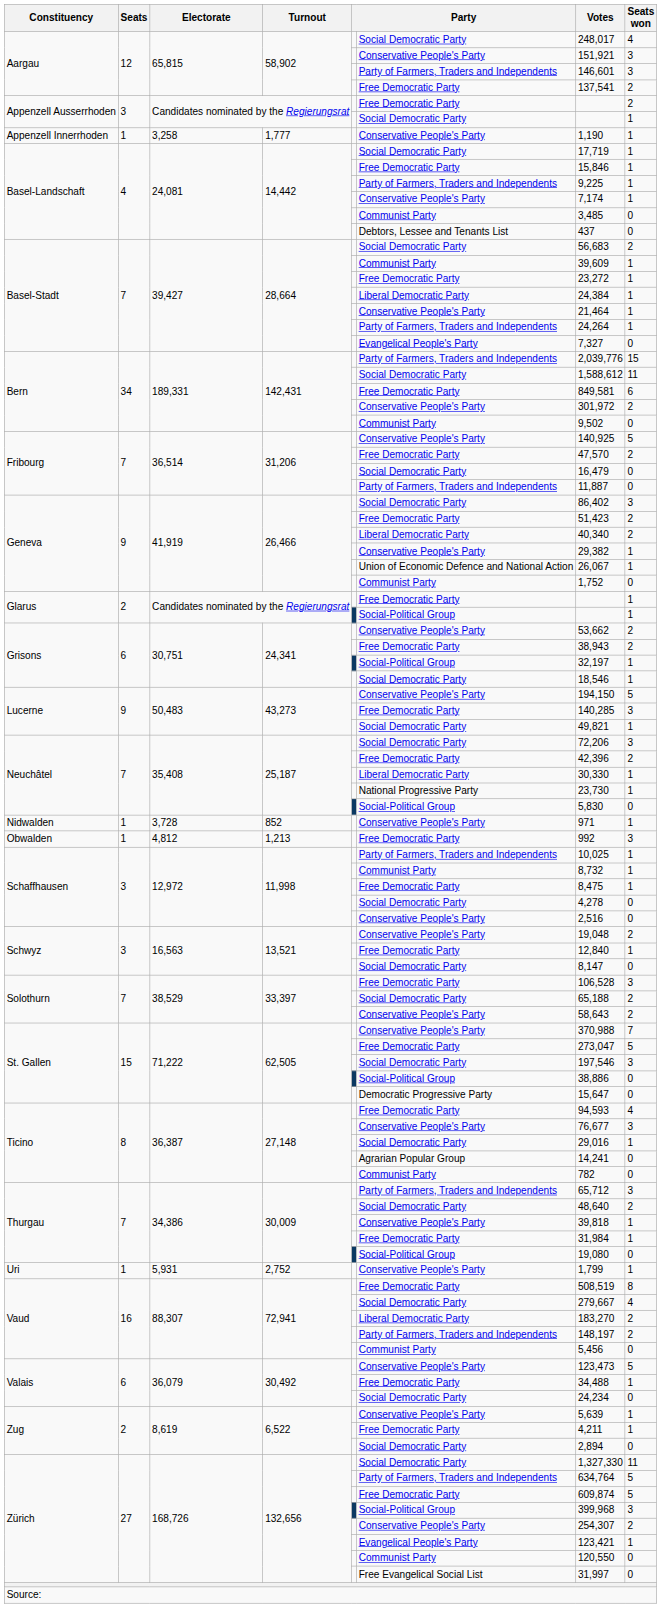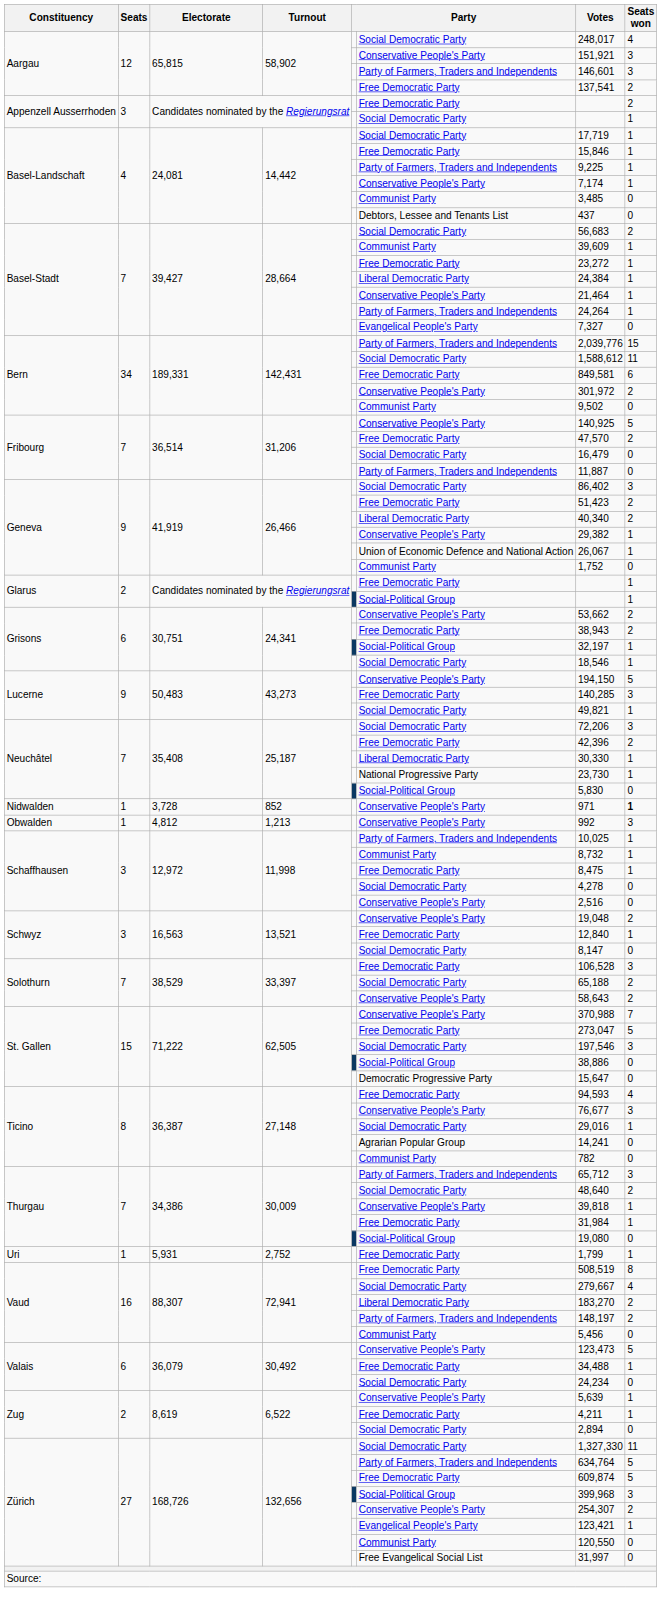 <table class="wikitable">
 <tr>
 <th>Constituency</th>
 <th>Seats</th>
 <th>Electorate</th>
 <th>Turnout</th>
 <th colspan="2">Party</th>
 <th>Votes</th>
 <th>Seats<br>won</th>
 </tr>
 <tr>
 <td rowspan="4">Aargau</td>
 <td rowspan="4">12</td>
 <td rowspan="4">65,815</td>
 <td rowspan="4">58,902</td>
 <td style="color:inherit;background:"></td>
 <td><a href='#'>Social Democratic Party</a></td>
 <td>248,017</td>
 <td>4</td>
 </tr>
 <tr>
 <td style="color:inherit;background:"></td>
 <td><a href='#'>Conservative People's Party</a></td>
 <td>151,921</td>
 <td>3</td>
 </tr>
 <tr>
 <td style="color:inherit;background:"></td>
 <td><a href='#'>Party of Farmers, Traders and Independents</a></td>
 <td>146,601</td>
 <td>3</td>
 </tr>
 <tr>
 <td style="color:inherit;background:"></td>
 <td><a href='#'>Free Democratic Party</a></td>
 <td>137,541</td>
 <td>2</td>
 </tr>
 <tr>
 <td rowspan="2">Appenzell Ausserrhoden</td>
 <td rowspan="2">3</td>
 <td rowspan="2" colspan=2>Candidates nominated by the <em><a href='#'>Regierungsrat</a></em></td>
 <td style="color:inherit;background:"></td>
 <td><a href='#'>Free Democratic Party</a></td>
 <td></td>
 <td>2</td>
 </tr>
 <tr>
 <td style="color:inherit;background:"></td>
 <td><a href='#'>Social Democratic Party</a></td>
 <td></td>
-<td>1</td>
-</tr>
-<tr>
-<td>Appenzell Innerrhoden</td>
-<td>1</td>
-<td>3,258</td>
-<td>1,777</td>
-<td style="color:inherit;background:"></td>
-<td><a href='#'>Conservative People's Party</a></td>
-<td>1,190</td>
 <td>1</td>
 </tr>
 <tr>
 <td rowspan="6">Basel-Landschaft</td>
 <td rowspan="6">4</td>
 <td rowspan="6">24,081</td>
 <td rowspan="6">14,442</td>
 <td style="color:inherit;background:"></td>
 <td><a href='#'>Social Democratic Party</a></td>
 <td>17,719</td>
 <td>1</td>
 </tr>
 <tr>
 <td style="color:inherit;background:"></td>
 <td><a href='#'>Free Democratic Party</a></td>
 <td>15,846</td>
 <td>1</td>
 </tr>
 <tr>
 <td style="color:inherit;background:"></td>
 <td><a href='#'>Party of Farmers, Traders and Independents</a></td>
 <td>9,225</td>
 <td>1</td>
 </tr>
 <tr>
 <td style="color:inherit;background:"></td>
 <td><a href='#'>Conservative People's Party</a></td>
 <td>7,174</td>
 <td>1</td>
 </tr>
 <tr>
 <td style="color:inherit;background:"></td>
 <td><a href='#'>Communist Party</a></td>
 <td>3,485</td>
 <td>0</td>
 </tr>
 <tr>
 <td style="color:inherit;background:"></td>
 <td>Debtors, Lessee and Tenants List</td>
 <td>437</td>
 <td>0</td>
 </tr>
 <tr>
 <td rowspan="7">Basel-Stadt</td>
 <td rowspan="7">7</td>
 <td rowspan="7">39,427</td>
 <td rowspan="7">28,664</td>
 <td style="color:inherit;background:"></td>
 <td><a href='#'>Social Democratic Party</a></td>
 <td>56,683</td>
 <td>2</td>
 </tr>
 <tr>
 <td style="color:inherit;background:"></td>
 <td><a href='#'>Communist Party</a></td>
 <td>39,609</td>
 <td>1</td>
 </tr>
 <tr>
 <td style="color:inherit;background:"></td>
 <td><a href='#'>Free Democratic Party</a></td>
 <td>23,272</td>
 <td>1</td>
 </tr>
 <tr>
 <td style="color:inherit;background:"></td>
 <td><a href='#'>Liberal Democratic Party</a></td>
 <td>24,384</td>
 <td>1</td>
 </tr>
 <tr>
 <td style="color:inherit;background:"></td>
 <td><a href='#'>Conservative People's Party</a></td>
 <td>21,464</td>
 <td>1</td>
 </tr>
 <tr>
 <td style="color:inherit;background:"></td>
 <td><a href='#'>Party of Farmers, Traders and Independents</a></td>
 <td>24,264</td>
 <td>1</td>
 </tr>
 <tr>
 <td style="color:inherit;background:"></td>
 <td><a href='#'>Evangelical People's Party</a></td>
 <td>7,327</td>
 <td>0</td>
 </tr>
 <tr>
 <td rowspan="5">Bern</td>
 <td rowspan="5">34</td>
 <td rowspan="5">189,331</td>
 <td rowspan="5">142,431</td>
 <td style="color:inherit;background:"></td>
 <td><a href='#'>Party of Farmers, Traders and Independents</a></td>
 <td>2,039,776</td>
 <td>15</td>
 </tr>
 <tr>
 <td style="color:inherit;background:"></td>
 <td><a href='#'>Social Democratic Party</a></td>
 <td>1,588,612</td>
 <td>11</td>
 </tr>
 <tr>
 <td style="color:inherit;background:"></td>
 <td><a href='#'>Free Democratic Party</a></td>
 <td>849,581</td>
 <td>6</td>
 </tr>
 <tr>
 <td style="color:inherit;background:"></td>
 <td><a href='#'>Conservative People's Party</a></td>
 <td>301,972</td>
 <td>2</td>
 </tr>
 <tr>
 <td style="color:inherit;background:"></td>
 <td><a href='#'>Communist Party</a></td>
 <td>9,502</td>
 <td>0</td>
 </tr>
 <tr>
 <td rowspan="4">Fribourg</td>
 <td rowspan="4">7</td>
 <td rowspan="4">36,514</td>
 <td rowspan="4">31,206</td>
 <td style="color:inherit;background:"></td>
 <td><a href='#'>Conservative People's Party</a></td>
 <td>140,925</td>
 <td>5</td>
 </tr>
 <tr>
 <td style="color:inherit;background:"></td>
 <td><a href='#'>Free Democratic Party</a></td>
 <td>47,570</td>
 <td>2</td>
 </tr>
 <tr>
 <td style="color:inherit;background:"></td>
 <td><a href='#'>Social Democratic Party</a></td>
 <td>16,479</td>
 <td>0</td>
 </tr>
 <tr>
 <td style="color:inherit;background:"></td>
 <td><a href='#'>Party of Farmers, Traders and Independents</a></td>
 <td>11,887</td>
 <td>0</td>
 </tr>
 <tr>
 <td rowspan="6">Geneva</td>
 <td rowspan="6">9</td>
 <td rowspan="6">41,919</td>
 <td rowspan="6">26,466</td>
 <td style="color:inherit;background:"></td>
 <td><a href='#'>Social Democratic Party</a></td>
 <td>86,402</td>
 <td>3</td>
 </tr>
 <tr>
 <td style="color:inherit;background:"></td>
 <td><a href='#'>Free Democratic Party</a></td>
 <td>51,423</td>
 <td>2</td>
 </tr>
 <tr>
 <td style="color:inherit;background:"></td>
 <td><a href='#'>Liberal Democratic Party</a></td>
 <td>40,340</td>
 <td>2</td>
 </tr>
 <tr>
 <td style="color:inherit;background:"></td>
 <td><a href='#'>Conservative People's Party</a></td>
 <td>29,382</td>
 <td>1</td>
 </tr>
 <tr>
 <td style="color:inherit;background:"></td>
 <td>Union of Economic Defence and National Action</td>
 <td>26,067</td>
 <td>1</td>
 </tr>
 <tr>
 <td style="color:inherit;background:"></td>
 <td><a href='#'>Communist Party</a></td>
 <td>1,752</td>
 <td>0</td>
 </tr>
 <tr>
 <td rowspan="2">Glarus</td>
 <td rowspan="2">2</td>
 <td rowspan="2" colspan=2>Candidates nominated by the <em><a href='#'>Regierungsrat</a></em></td>
 <td style="color:inherit;background:"></td>
 <td><a href='#'>Free Democratic Party</a></td>
 <td></td>
 <td>1</td>
 </tr>
 <tr>
 <td style="color:inherit;background:#0B3861"></td>
 <td><a href='#'>Social-Political Group</a></td>
 <td></td>
 <td>1</td>
 </tr>
 <tr>
 <td rowspan="4">Grisons</td>
 <td rowspan="4">6</td>
 <td rowspan="4">30,751</td>
 <td rowspan="4">24,341</td>
 <td style="color:inherit;background:"></td>
 <td><a href='#'>Conservative People's Party</a></td>
 <td>53,662</td>
 <td>2</td>
 </tr>
 <tr>
 <td style="color:inherit;background:"></td>
 <td><a href='#'>Free Democratic Party</a></td>
 <td>38,943</td>
 <td>2</td>
 </tr>
 <tr>
 <td style="color:inherit;background:#0B3861"></td>
 <td><a href='#'>Social-Political Group</a></td>
 <td>32,197</td>
 <td>1</td>
 </tr>
 <tr>
 <td style="color:inherit;background:"></td>
 <td><a href='#'>Social Democratic Party</a></td>
 <td>18,546</td>
 <td>1</td>
 </tr>
 <tr>
 <td rowspan="3">Lucerne</td>
 <td rowspan="3">9</td>
 <td rowspan="3">50,483</td>
 <td rowspan="3">43,273</td>
 <td style="color:inherit;background:"></td>
 <td><a href='#'>Conservative People's Party</a></td>
 <td>194,150</td>
 <td>5</td>
 </tr>
 <tr>
 <td style="color:inherit;background:"></td>
 <td><a href='#'>Free Democratic Party</a></td>
 <td>140,285</td>
 <td>3</td>
 </tr>
 <tr>
 <td style="color:inherit;background:"></td>
 <td><a href='#'>Social Democratic Party</a></td>
 <td>49,821</td>
 <td>1</td>
 </tr>
 <tr>
 <td rowspan="5">Neuchâtel</td>
 <td rowspan="5">7</td>
 <td rowspan="5">35,408</td>
 <td rowspan="5">25,187</td>
 <td style="color:inherit;background:"></td>
 <td><a href='#'>Social Democratic Party</a></td>
 <td>72,206</td>
 <td>3</td>
 </tr>
 <tr>
 <td style="color:inherit;background:"></td>
 <td><a href='#'>Free Democratic Party</a></td>
 <td>42,396</td>
 <td>2</td>
 </tr>
 <tr>
 <td style="color:inherit;background:"></td>
 <td><a href='#'>Liberal Democratic Party</a></td>
 <td>30,330</td>
 <td>1</td>
 </tr>
 <tr>
 <td style="color:inherit;background:"></td>
 <td>National Progressive Party</td>
 <td>23,730</td>
 <td>1</td>
 </tr>
 <tr>
 <td style="color:inherit;background:#0B3861"></td>
 <td><a href='#'>Social-Political Group</a></td>
 <td>5,830</td>
 <td>0</td>
 </tr>
 <tr>
 <td>Nidwalden</td>
 <td>1</td>
 <td>3,728</td>
 <td>852</td>
 <td style="color:inherit;background:"></td>
 <td><a href='#'>Conservative People's Party</a></td>
 <td>971</td>
-<td>1</td>
+<td><strong>1</strong></td>
 </tr>
 <tr>
 <td>Obwalden</td>
 <td>1</td>
 <td>4,812</td>
 <td>1,213</td>
 <td style="color:inherit;background:"></td>
-<td><a href='#'>Free Democratic Party</a></td>
+<td><a href='#'>Conservative People's Party</a></td>
 <td>992</td>
 <td>3</td>
 </tr>
 <tr>
 <td rowspan="5">Schaffhausen</td>
 <td rowspan="5">3</td>
 <td rowspan="5">12,972</td>
 <td rowspan="5">11,998</td>
 <td style="color:inherit;background:"></td>
 <td><a href='#'>Party of Farmers, Traders and Independents</a></td>
 <td>10,025</td>
 <td>1</td>
 </tr>
 <tr>
 <td style="color:inherit;background:"></td>
 <td><a href='#'>Communist Party</a></td>
 <td>8,732</td>
 <td>1</td>
 </tr>
 <tr>
 <td style="color:inherit;background:"></td>
 <td><a href='#'>Free Democratic Party</a></td>
 <td>8,475</td>
 <td>1</td>
 </tr>
 <tr>
 <td style="color:inherit;background:"></td>
 <td><a href='#'>Social Democratic Party</a></td>
 <td>4,278</td>
 <td>0</td>
 </tr>
 <tr>
 <td style="color:inherit;background:"></td>
 <td><a href='#'>Conservative People's Party</a></td>
 <td>2,516</td>
 <td>0</td>
 </tr>
 <tr>
 <td rowspan="3">Schwyz</td>
 <td rowspan="3">3</td>
 <td rowspan="3">16,563</td>
 <td rowspan="3">13,521</td>
 <td style="color:inherit;background:"></td>
 <td><a href='#'>Conservative People's Party</a></td>
 <td>19,048</td>
 <td>2</td>
 </tr>
 <tr>
 <td style="color:inherit;background:"></td>
 <td><a href='#'>Free Democratic Party</a></td>
 <td>12,840</td>
 <td>1</td>
 </tr>
 <tr>
 <td style="color:inherit;background:"></td>
 <td><a href='#'>Social Democratic Party</a></td>
 <td>8,147</td>
 <td>0</td>
 </tr>
 <tr>
 <td rowspan="3">Solothurn</td>
 <td rowspan="3">7</td>
 <td rowspan="3">38,529</td>
 <td rowspan="3">33,397</td>
 <td style="color:inherit;background:"></td>
 <td><a href='#'>Free Democratic Party</a></td>
 <td>106,528</td>
 <td>3</td>
 </tr>
 <tr>
 <td style="color:inherit;background:"></td>
 <td><a href='#'>Social Democratic Party</a></td>
 <td>65,188</td>
 <td>2</td>
 </tr>
 <tr>
 <td style="color:inherit;background:"></td>
 <td><a href='#'>Conservative People's Party</a></td>
 <td>58,643</td>
 <td>2</td>
 </tr>
 <tr>
 <td rowspan="5">St. Gallen</td>
 <td rowspan="5">15</td>
 <td rowspan="5">71,222</td>
 <td rowspan="5">62,505</td>
 <td style="color:inherit;background:"></td>
 <td><a href='#'>Conservative People's Party</a></td>
 <td>370,988</td>
 <td>7</td>
 </tr>
 <tr>
 <td style="color:inherit;background:"></td>
 <td><a href='#'>Free Democratic Party</a></td>
 <td>273,047</td>
 <td>5</td>
 </tr>
 <tr>
 <td style="color:inherit;background:"></td>
 <td><a href='#'>Social Democratic Party</a></td>
 <td>197,546</td>
 <td>3</td>
 </tr>
 <tr>
 <td style="color:inherit;background:#0B3861"></td>
 <td><a href='#'>Social-Political Group</a></td>
 <td>38,886</td>
 <td>0</td>
 </tr>
 <tr>
 <td style="color:inherit;background:"></td>
 <td>Democratic Progressive Party</td>
 <td>15,647</td>
 <td>0</td>
 </tr>
 <tr>
 <td rowspan="5">Ticino</td>
 <td rowspan="5">8</td>
 <td rowspan="5">36,387</td>
 <td rowspan="5">27,148</td>
 <td style="color:inherit;background:"></td>
 <td><a href='#'>Free Democratic Party</a></td>
 <td>94,593</td>
 <td>4</td>
 </tr>
 <tr>
 <td style="color:inherit;background:"></td>
 <td><a href='#'>Conservative People's Party</a></td>
 <td>76,677</td>
 <td>3</td>
 </tr>
 <tr>
 <td style="color:inherit;background:"></td>
 <td><a href='#'>Social Democratic Party</a></td>
 <td>29,016</td>
 <td>1</td>
 </tr>
 <tr>
 <td style="color:inherit;background:"></td>
 <td>Agrarian Popular Group</td>
 <td>14,241</td>
 <td>0</td>
 </tr>
 <tr>
 <td style="color:inherit;background:"></td>
 <td><a href='#'>Communist Party</a></td>
 <td>782</td>
 <td>0</td>
 </tr>
 <tr>
 <td rowspan="5">Thurgau</td>
 <td rowspan="5">7</td>
 <td rowspan="5">34,386</td>
 <td rowspan="5">30,009</td>
 <td style="color:inherit;background:"></td>
 <td><a href='#'>Party of Farmers, Traders and Independents</a></td>
 <td>65,712</td>
 <td>3</td>
 </tr>
 <tr>
 <td style="color:inherit;background:"></td>
 <td><a href='#'>Social Democratic Party</a></td>
 <td>48,640</td>
 <td>2</td>
 </tr>
 <tr>
 <td style="color:inherit;background:"></td>
 <td><a href='#'>Conservative People's Party</a></td>
 <td>39,818</td>
 <td>1</td>
 </tr>
 <tr>
 <td style="color:inherit;background:"></td>
 <td><a href='#'>Free Democratic Party</a></td>
 <td>31,984</td>
 <td>1</td>
 </tr>
 <tr>
 <td style="color:inherit;background:#0B3861"></td>
 <td><a href='#'>Social-Political Group</a></td>
 <td>19,080</td>
 <td>0</td>
 </tr>
 <tr>
 <td>Uri</td>
 <td>1</td>
 <td>5,931</td>
 <td>2,752</td>
 <td style="color:inherit;background:"></td>
-<td><a href='#'>Conservative People's Party</a></td>
+<td><a href='#'>Free Democratic Party</a></td>
 <td>1,799</td>
 <td>1</td>
 </tr>
 <tr>
 <td rowspan="5">Vaud</td>
 <td rowspan="5">16</td>
 <td rowspan="5">88,307</td>
 <td rowspan="5">72,941</td>
 <td style="color:inherit;background:"></td>
 <td><a href='#'>Free Democratic Party</a></td>
 <td>508,519</td>
 <td>8</td>
 </tr>
 <tr>
 <td style="color:inherit;background:"></td>
 <td><a href='#'>Social Democratic Party</a></td>
 <td>279,667</td>
 <td>4</td>
 </tr>
 <tr>
 <td style="color:inherit;background:"></td>
 <td><a href='#'>Liberal Democratic Party</a></td>
 <td>183,270</td>
 <td>2</td>
 </tr>
 <tr>
 <td style="color:inherit;background:"></td>
 <td><a href='#'>Party of Farmers, Traders and Independents</a></td>
 <td>148,197</td>
 <td>2</td>
 </tr>
 <tr>
 <td style="color:inherit;background:"></td>
 <td><a href='#'>Communist Party</a></td>
 <td>5,456</td>
 <td>0</td>
 </tr>
 <tr>
 <td rowspan="3">Valais</td>
 <td rowspan="3">6</td>
 <td rowspan="3">36,079</td>
 <td rowspan="3">30,492</td>
 <td style="color:inherit;background:"></td>
 <td><a href='#'>Conservative People's Party</a></td>
 <td>123,473</td>
 <td>5</td>
 </tr>
 <tr>
 <td style="color:inherit;background:"></td>
 <td><a href='#'>Free Democratic Party</a></td>
 <td>34,488</td>
 <td>1</td>
 </tr>
 <tr>
 <td style="color:inherit;background:"></td>
 <td><a href='#'>Social Democratic Party</a></td>
 <td>24,234</td>
 <td>0</td>
 </tr>
 <tr>
 <td rowspan="3">Zug</td>
 <td rowspan="3">2</td>
 <td rowspan="3">8,619</td>
 <td rowspan="3">6,522</td>
 <td style="color:inherit;background:"></td>
 <td><a href='#'>Conservative People's Party</a></td>
 <td>5,639</td>
 <td>1</td>
 </tr>
 <tr>
 <td style="color:inherit;background:"></td>
 <td><a href='#'>Free Democratic Party</a></td>
 <td>4,211</td>
 <td>1</td>
 </tr>
 <tr>
 <td style="color:inherit;background:"></td>
 <td><a href='#'>Social Democratic Party</a></td>
 <td>2,894</td>
 <td>0</td>
 </tr>
 <tr>
 <td rowspan="8">Zürich</td>
 <td rowspan="8">27</td>
 <td rowspan="8">168,726</td>
 <td rowspan="8">132,656</td>
 <td style="color:inherit;background:"></td>
 <td><a href='#'>Social Democratic Party</a></td>
 <td>1,327,330</td>
 <td>11</td>
 </tr>
 <tr>
 <td style="color:inherit;background:"></td>
 <td><a href='#'>Party of Farmers, Traders and Independents</a></td>
 <td>634,764</td>
 <td>5</td>
 </tr>
 <tr>
 <td style="color:inherit;background:"></td>
 <td><a href='#'>Free Democratic Party</a></td>
 <td>609,874</td>
 <td>5</td>
 </tr>
 <tr>
 <td style="color:inherit;background:#0B3861"></td>
 <td><a href='#'>Social-Political Group</a></td>
 <td>399,968</td>
 <td>3</td>
 </tr>
 <tr>
 <td style="color:inherit;background:"></td>
 <td><a href='#'>Conservative People's Party</a></td>
 <td>254,307</td>
 <td>2</td>
 </tr>
 <tr>
 <td style="color:inherit;background:"></td>
 <td><a href='#'>Evangelical People's Party</a></td>
 <td>123,421</td>
 <td>1</td>
 </tr>
 <tr>
 <td style="color:inherit;background:"></td>
 <td><a href='#'>Communist Party</a></td>
 <td>120,550</td>
 <td>0</td>
 </tr>
 <tr>
 <td style="color:inherit;background:"></td>
 <td>Free Evangelical Social List</td>
 <td>31,997</td>
 <td>0</td>
 </tr>
 <tr>
 <th colspan="8"></th>
 </tr>
 <tr>
 <td colspan="8">Source: </td>
 </tr>
 </table>
